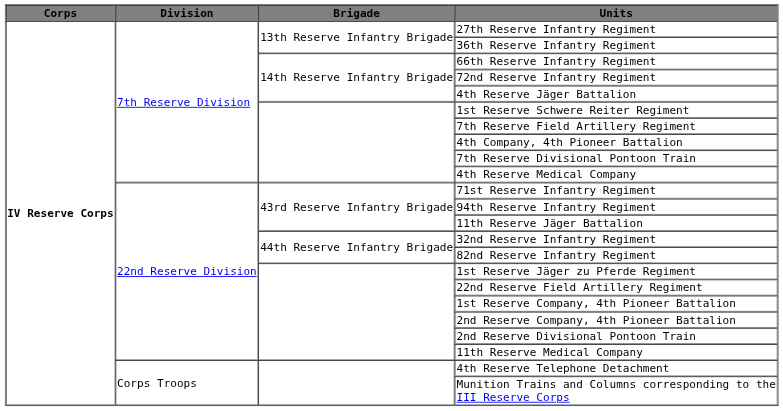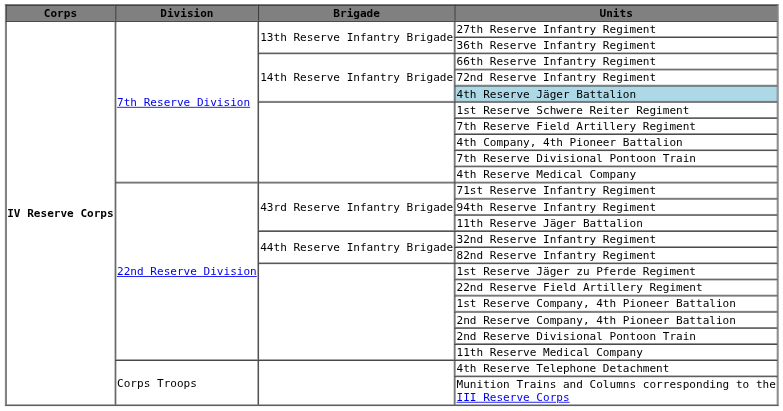 <table style="float: right;" border="1" cellpadding="1" cellspacing="0" style="font-size: 100%; border: gray solid 1px; border-collapse: collapse; text-align: center;">
 <tr style="background-color:grey; color:black;">
 <th>Corps</th>
 <th>Division</th>
 <th>Brigade</th>
 <th>Units</th>
 </tr>
 <tr>
 <td ROWSPAN=23><strong>IV Reserve Corps</strong></td>
 <td ROWSPAN=10><a href='#'>7th Reserve Division</a></td>
 <td ROWSPAN=2>13th Reserve Infantry Brigade</td>
 <td>27th Reserve Infantry Regiment</td>
 </tr>
 <tr>
 <td>36th Reserve Infantry Regiment</td>
 </tr>
 <tr>
 <td ROWSPAN=3>14th Reserve Infantry Brigade</td>
 <td>66th Reserve Infantry Regiment</td>
 </tr>
 <tr>
 <td>72nd Reserve Infantry Regiment</td>
 </tr>
 <tr>
-<td>4th Reserve Jäger Battalion</td>
+<td style="background: lightblue;">4th Reserve Jäger Battalion</td>
 </tr>
 <tr>
 <td ROWSPAN=5></td>
 <td>1st Reserve Schwere Reiter Regiment</td>
 </tr>
 <tr>
 <td>7th Reserve Field Artillery Regiment</td>
 </tr>
 <tr>
 <td>4th Company, 4th Pioneer Battalion</td>
 </tr>
 <tr>
 <td>7th Reserve Divisional Pontoon Train</td>
 </tr>
 <tr>
 <td>4th Reserve Medical Company</td>
 </tr>
 <tr>
 <td ROWSPAN=11><a href='#'>22nd Reserve Division</a></td>
 <td ROWSPAN=3>43rd Reserve Infantry Brigade</td>
 <td>71st Reserve Infantry Regiment</td>
 </tr>
 <tr>
 <td>94th Reserve Infantry Regiment</td>
 </tr>
 <tr>
 <td>11th Reserve Jäger Battalion</td>
 </tr>
 <tr>
 <td ROWSPAN=2>44th Reserve Infantry Brigade</td>
 <td>32nd Reserve Infantry Regiment</td>
 </tr>
 <tr>
 <td>82nd Reserve Infantry Regiment</td>
 </tr>
 <tr>
 <td ROWSPAN=6></td>
 <td>1st Reserve Jäger zu Pferde Regiment</td>
 </tr>
 <tr>
 <td>22nd Reserve Field Artillery Regiment</td>
 </tr>
 <tr>
 <td>1st Reserve Company, 4th Pioneer Battalion</td>
 </tr>
 <tr>
 <td>2nd Reserve Company, 4th Pioneer Battalion</td>
 </tr>
 <tr>
 <td>2nd Reserve Divisional Pontoon Train</td>
 </tr>
 <tr>
 <td>11th Reserve Medical Company</td>
 </tr>
 <tr>
 <td ROWSPAN=2>Corps Troops</td>
 <td ROWSPAN=2></td>
 <td>4th Reserve Telephone Detachment</td>
 </tr>
 <tr>
 <td>Munition Trains and Columns corresponding to the<br><a href='#'>III Reserve Corps</a></td>
 </tr>
 </table>
